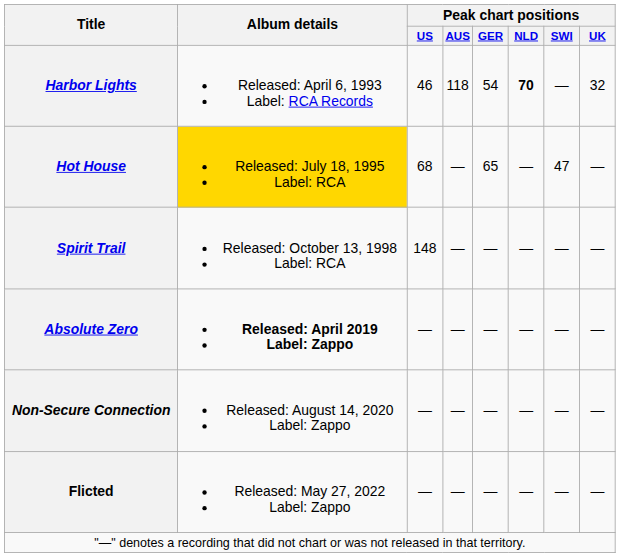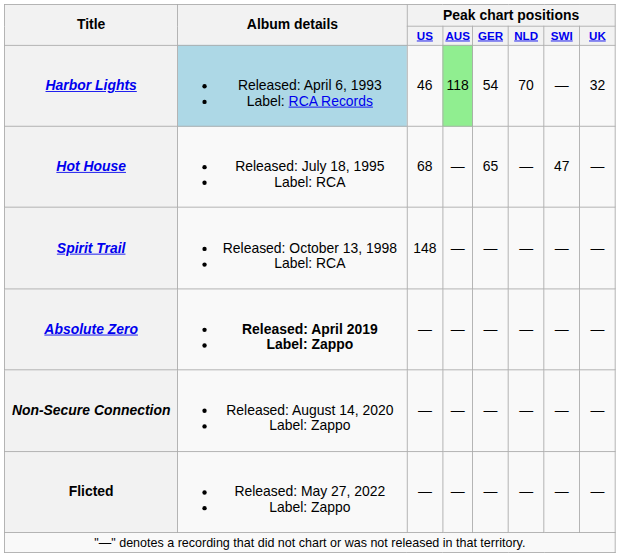 <table class="wikitable plainrowheaders" style="text-align:center;">
 <tr>
 <th scope="col" rowspan="2" style="width:12em;">Title</th>
 <th scope="col" rowspan="2" style="width:16em;">Album details</th>
 <th colspan="6" scope="col">Peak chart positions</th>
 </tr>
 <tr style="font-size:smaller;">
 <th scope="col" style="width:2.6em;"><a href='#'>US</a><br></th>
 <th><a href='#'>AUS</a><br></th>
 <th scope="col" style="width:2.6em;"><a href='#'>GER</a><br></th>
 <th scope="col" style="width:2.6em;"><a href='#'>NLD</a><br></th>
 <th scope="col" style="width:2.6em;"><a href='#'>SWI</a><br></th>
 <th scope="col" style="width:2.6em;"><a href='#'>UK</a><br></th>
 </tr>
 <tr>
 <th scope="row"><em><a href='#'>Harbor Lights</a></em></th>
-<td><br><ul><li>Released: April 6, 1993</li><li>Label: <a href='#'>RCA Records</a></li></ul></td>
+<td style="background: lightblue;"><br><ul><li>Released: April 6, 1993</li><li>Label: <a href='#'>RCA Records</a></li></ul></td>
 <td>46</td>
-<td>118</td>
+<td style="background: lightgreen;">118</td>
 <td>54</td>
-<td><strong>70</strong></td>
+<td>70</td>
 <td>—</td>
 <td>32</td>
 </tr>
 <tr>
 <th scope="row"><em><a href='#'>Hot House</a></em></th>
-<td style="background: gold;"><br><ul><li>Released: July 18, 1995</li><li>Label: RCA</li></ul></td>
+<td><br><ul><li>Released: July 18, 1995</li><li>Label: RCA</li></ul></td>
 <td>68</td>
 <td>—</td>
 <td>65</td>
 <td>—</td>
 <td>47</td>
 <td>—</td>
 </tr>
 <tr>
 <th scope="row"><em><a href='#'>Spirit Trail</a></em></th>
 <td><br><ul><li>Released: October 13, 1998</li><li>Label:  RCA</li></ul></td>
 <td>148</td>
 <td>—</td>
 <td>—</td>
 <td>—</td>
 <td>—</td>
 <td>—</td>
 </tr>
 <tr>
 <th scope="row"><em><a href='#'>Absolute Zero</a></em></th>
 <td><strong><br><ul><li>Released: April 2019</li><li>Label: Zappo</li></ul></strong></td>
 <td>—</td>
 <td>—</td>
 <td>—</td>
 <td>—</td>
 <td>—</td>
 <td>—</td>
 </tr>
 <tr>
 <th scope="row"><em>Non-Secure Connection</em></th>
 <td><br><ul><li>Released: August 14, 2020</li><li>Label: Zappo</li></ul></td>
 <td>—</td>
 <td>—</td>
 <td>—</td>
 <td>—</td>
 <td>—</td>
 <td>—</td>
 </tr>
 <tr>
 <th scope="row"><strong>Flicted<em></th>
 <td><br><ul><li>Released: May 27, 2022</li><li>Label: Zappo</li></ul></td>
 <td>—</td>
 <td>—</td>
 <td>—</td>
 <td>—</td>
 <td>—</td>
 <td>—</td>
 </tr>
 <tr>
 <td colspan="15" style="font-size:90%">"—" denotes a recording that did not chart or was not released in that territory.</td>
 </tr>
 </table>
